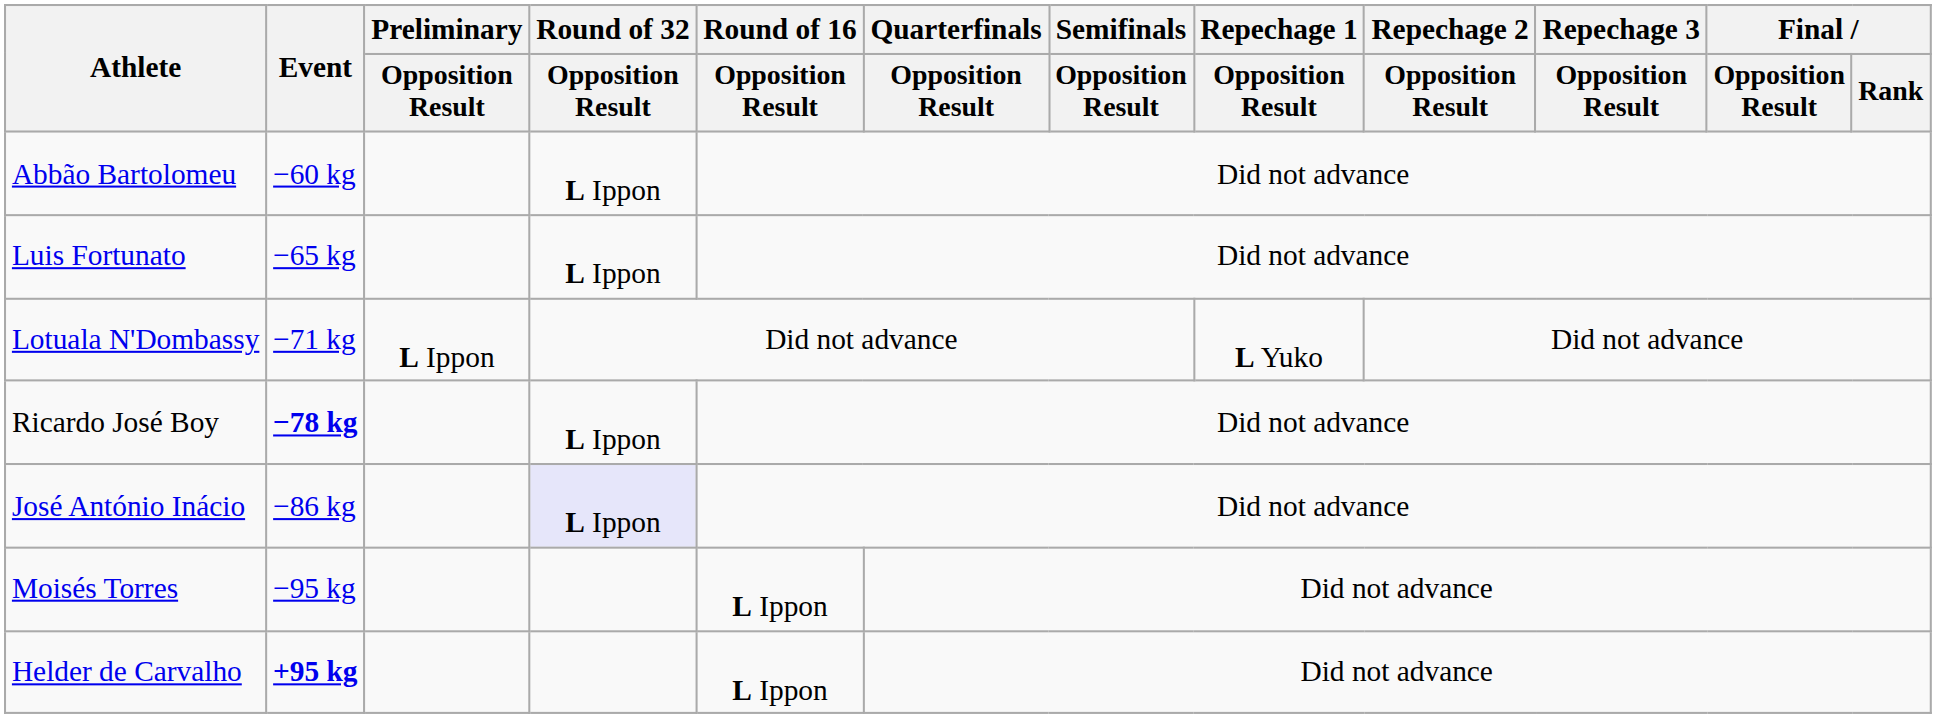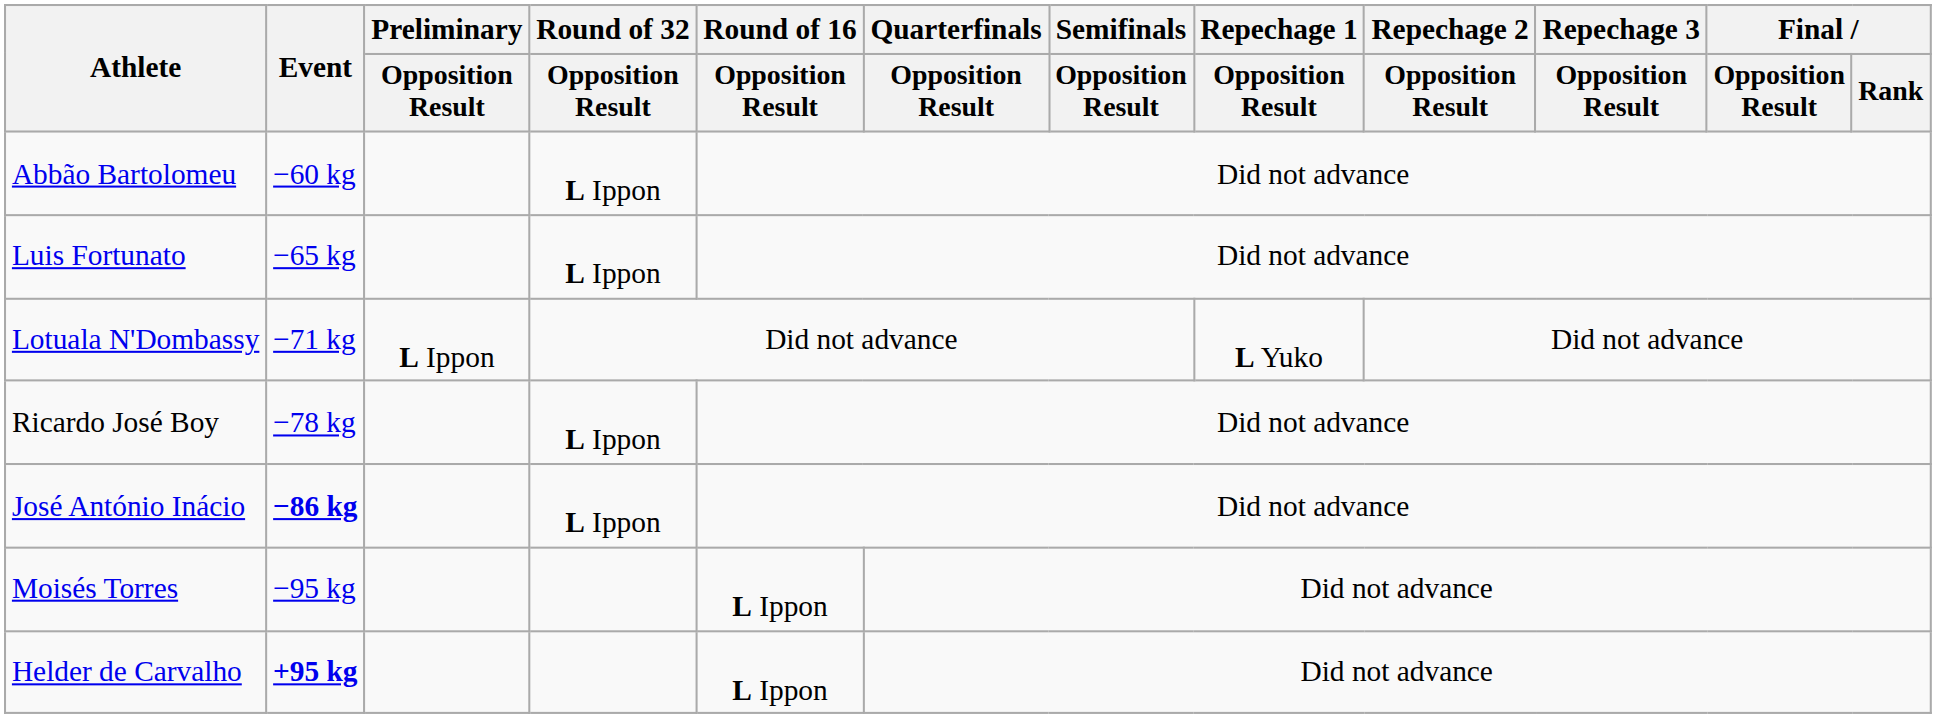 <table class="wikitable" style="font-size:90%">
 <tr>
 <th rowspan="2">Athlete</th>
 <th rowspan="2">Event</th>
 <th>Preliminary</th>
 <th>Round of 32</th>
 <th>Round of 16</th>
 <th>Quarterfinals</th>
 <th>Semifinals</th>
 <th>Repechage 1</th>
 <th>Repechage 2</th>
 <th>Repechage 3</th>
 <th colspan=2>Final / </th>
 </tr>
 <tr style="font-size:95%">
 <th>Opposition<br>Result</th>
 <th>Opposition<br>Result</th>
 <th>Opposition<br>Result</th>
 <th>Opposition<br>Result</th>
 <th>Opposition<br>Result</th>
 <th>Opposition<br>Result</th>
 <th>Opposition<br>Result</th>
 <th>Opposition<br>Result</th>
 <th>Opposition<br>Result</th>
 <th>Rank</th>
 </tr>
 <tr align=center>
 <td align=left><a href='#'>Abbão Bartolomeu</a></td>
 <td align=left><a href='#'>−60 kg</a></td>
 <td></td>
 <td><br><strong>L</strong> Ippon</td>
 <td colspan=8>Did not advance</td>
 </tr>
 <tr align=center>
 <td align=left><a href='#'>Luis Fortunato</a></td>
 <td align=left><a href='#'>−65 kg</a></td>
 <td></td>
 <td><br><strong>L</strong> Ippon</td>
 <td colspan=8>Did not advance</td>
 </tr>
 <tr align=center>
 <td align=left><a href='#'>Lotuala N'Dombassy</a></td>
 <td align=left><a href='#'>−71 kg</a></td>
 <td><br><strong>L</strong> Ippon</td>
 <td colspan=4>Did not advance</td>
 <td><br><strong>L</strong> Yuko</td>
 <td colspan=4>Did not advance</td>
 </tr>
 <tr align=center>
 <td align=left>Ricardo José Boy</td>
-<td align=left><strong><a href='#'>−78 kg</a></strong></td>
+<td align=left><a href='#'>−78 kg</a></td>
 <td></td>
 <td><br><strong>L</strong> Ippon</td>
 <td colspan=8>Did not advance</td>
 </tr>
 <tr align=center>
 <td align=left><a href='#'>José António Inácio</a></td>
-<td align=left><a href='#'>−86 kg</a></td>
+<td align=left><strong><a href='#'>−86 kg</a></strong></td>
 <td></td>
-<td style="background: lavender;"><br><strong>L</strong> Ippon</td>
+<td><br><strong>L</strong> Ippon</td>
 <td colspan=8>Did not advance</td>
 </tr>
 <tr align=center>
 <td align=left><a href='#'>Moisés Torres</a></td>
 <td align=left><a href='#'>−95 kg</a></td>
 <td></td>
 <td></td>
 <td><br><strong>L</strong> Ippon</td>
 <td colspan=7>Did not advance</td>
 </tr>
 <tr align=center>
 <td align=left><a href='#'>Helder de Carvalho</a></td>
 <td align=left><strong><a href='#'>+95 kg</a></strong></td>
 <td></td>
 <td></td>
 <td><br><strong>L</strong> Ippon</td>
 <td colspan=7>Did not advance</td>
 </tr>
 </table>
